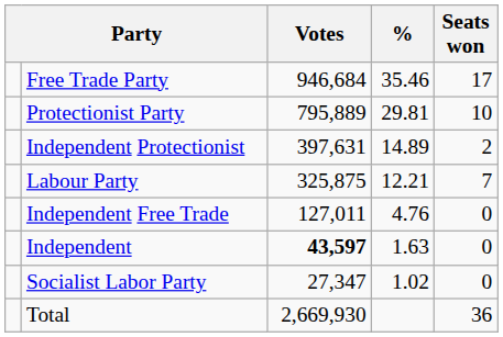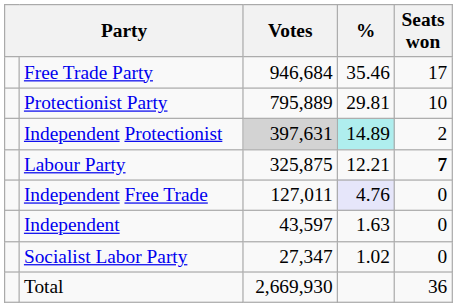 <table class="wikitable">
 <tr>
 <th colspan=2 style="width:190px">Party</th>
 <th style="width:70px;">Votes</th>
 <th style="width:40px;">%</th>
 <th style="width:40px;">Seats won</th>
 </tr>
 <tr>
 <td> </td>
 <td><a href='#'>Free Trade Party</a></td>
 <td align=right>946,684</td>
 <td align=right>35.46</td>
 <td align=right>17</td>
 </tr>
 <tr>
 <td> </td>
 <td><a href='#'>Protectionist Party</a></td>
 <td align=right>795,889</td>
 <td align=right>29.81</td>
 <td align=right>10</td>
 </tr>
 <tr>
 <td> </td>
 <td><a href='#'>Independent</a> <a href='#'>Protectionist</a></td>
-<td align=right>397,631</td>
-<td align=right>14.89</td>
+<td align=right style="background: lightgrey;">397,631</td>
+<td align=right style="background: paleturquoise;">14.89</td>
 <td align=right>2</td>
 </tr>
 <tr>
 <td> </td>
 <td><a href='#'>Labour Party</a></td>
 <td align=right>325,875</td>
 <td align=right>12.21</td>
-<td align=right>7</td>
+<td align=right><strong>7</strong></td>
 </tr>
 <tr>
 <td> </td>
 <td><a href='#'>Independent</a> <a href='#'>Free Trade</a></td>
 <td align=right>127,011</td>
-<td align=right>4.76</td>
+<td align=right style="background: lavender;">4.76</td>
 <td align=right>0</td>
 </tr>
 <tr>
 <td> </td>
 <td><a href='#'>Independent</a></td>
-<td align=right><strong>43,597</strong></td>
+<td align=right>43,597</td>
 <td align=right>1.63</td>
 <td align=right>0</td>
 </tr>
 <tr>
 <td> </td>
 <td><a href='#'>Socialist Labor Party</a></td>
 <td align=right>27,347</td>
 <td align=right>1.02</td>
 <td align=right>0</td>
 </tr>
 <tr>
 <td> </td>
 <td>Total</td>
 <td align=right>2,669,930</td>
 <td align=right> </td>
 <td align=right>36</td>
 </tr>
 </table>
